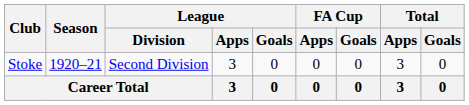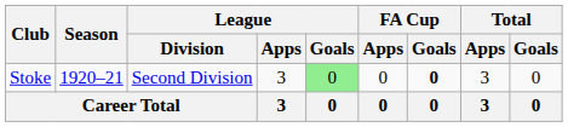 <table class="wikitable" style="text-align: center;">
 <tr>
 <th rowspan="2">Club</th>
 <th rowspan="2">Season</th>
 <th colspan="3">League</th>
 <th colspan="2">FA Cup</th>
 <th colspan="2">Total</th>
 </tr>
 <tr>
 <th>Division</th>
 <th>Apps</th>
 <th>Goals</th>
 <th>Apps</th>
 <th>Goals</th>
 <th>Apps</th>
 <th>Goals</th>
 </tr>
 <tr>
 <td><a href='#'>Stoke</a></td>
 <td><a href='#'>1920–21</a></td>
 <td><a href='#'>Second Division</a></td>
 <td>3</td>
+<td style="background: lightgreen;">0</td>
 <td>0</td>
-<td>0</td>
-<td>0</td>
+<td><strong>0</strong></td>
 <td>3</td>
 <td>0</td>
 </tr>
 <tr>
 <th colspan=3>Career Total</th>
 <th>3</th>
 <th>0</th>
 <th>0</th>
 <th>0</th>
 <th>3</th>
 <th>0</th>
 </tr>
 </table>
